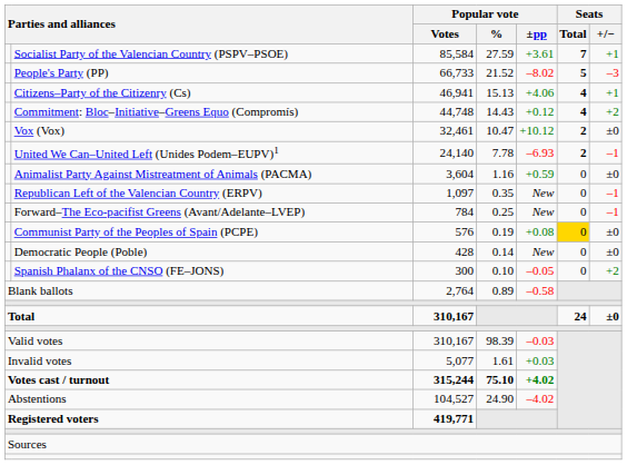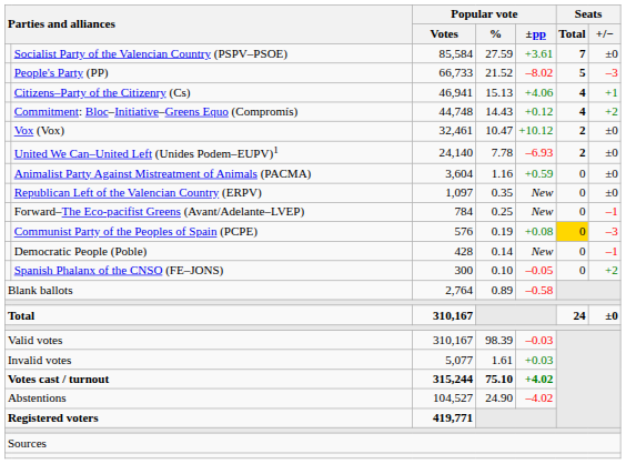 <table class="wikitable" style="text-align:right;">
 <tr>
 <th style="text-align:left;" rowspan="2" colspan="2" width="525">Parties and alliances</th>
 <th colspan="3">Popular vote</th>
 <th colspan="2">Seats</th>
 </tr>
 <tr>
 <th width="75">Votes</th>
 <th width="45">%</th>
 <th width="45">±<a href='#'>pp</a></th>
 <th width="35">Total</th>
 <th width="35">+/−</th>
 </tr>
 <tr>
 <td width="1" style="color:inherit;background:"></td>
 <td align="left"><a href='#'>Socialist Party of the Valencian Country</a> (PSPV–PSOE)</td>
 <td>85,584</td>
 <td>27.59</td>
 <td style="color:green;">+3.61</td>
 <td><strong>7</strong></td>
-<td style="color:green;">+1</td>
+<td>±0</td>
 </tr>
 <tr>
 <td style="color:inherit;background:"></td>
 <td align="left"><a href='#'>People's Party</a> (PP)</td>
 <td>66,733</td>
 <td>21.52</td>
 <td style="color:red;">–8.02</td>
 <td><strong>5</strong></td>
 <td style="color:red;">–3</td>
 </tr>
 <tr>
 <td style="color:inherit;background:"></td>
 <td align="left"><a href='#'>Citizens–Party of the Citizenry</a> (Cs)</td>
 <td>46,941</td>
 <td>15.13</td>
 <td style="color:green;">+4.06</td>
 <td><strong>4</strong></td>
 <td style="color:green;">+1</td>
 </tr>
 <tr>
 <td style="color:inherit;background:"></td>
 <td align="left"><a href='#'>Commitment</a>: <a href='#'>Bloc</a>–<a href='#'>Initiative</a>–<a href='#'>Greens Equo</a> (Compromís)</td>
 <td>44,748</td>
 <td>14.43</td>
 <td style="color:green;">+0.12</td>
 <td><strong>4</strong></td>
 <td style="color:green;">+2</td>
 </tr>
 <tr>
 <td style="color:inherit;background:"></td>
 <td align="left"><a href='#'>Vox</a> (Vox)</td>
 <td>32,461</td>
 <td>10.47</td>
 <td style="color:green;">+10.12</td>
 <td><strong>2</strong></td>
 <td>±0</td>
 </tr>
 <tr>
 <td style="color:inherit;background:"></td>
 <td align="left"><a href='#'>United We Can–United Left</a> (Unides Podem–EUPV)<sup>1</sup></td>
 <td>24,140</td>
 <td>7.78</td>
 <td style="color:red;">–6.93</td>
 <td><strong>2</strong></td>
-<td style="color:red;">–1</td>
+<td>±0</td>
 </tr>
 <tr>
 <td style="color:inherit;background:"></td>
 <td align="left"><a href='#'>Animalist Party Against Mistreatment of Animals</a> (PACMA)</td>
 <td>3,604</td>
 <td>1.16</td>
 <td style="color:green;">+0.59</td>
 <td>0</td>
 <td>±0</td>
 </tr>
 <tr>
 <td style="color:inherit;background:"></td>
 <td align="left"><a href='#'>Republican Left of the Valencian Country</a> (ERPV)</td>
 <td>1,097</td>
 <td>0.35</td>
 <td><em>New</em></td>
 <td>0</td>
-<td style="color:red;">–1</td>
+<td>±0</td>
 </tr>
 <tr>
 <td style="color:inherit;background:"></td>
 <td align="left">Forward–<a href='#'>The Eco-pacifist Greens</a> (Avant/Adelante–LVEP)</td>
 <td>784</td>
 <td>0.25</td>
 <td><em>New</em></td>
 <td>0</td>
 <td style="color:red;">–1</td>
 </tr>
 <tr>
 <td style="color:inherit;background:"></td>
 <td align="left"><a href='#'>Communist Party of the Peoples of Spain</a> (PCPE)</td>
 <td>576</td>
 <td>0.19</td>
 <td style="color:green;">+0.08</td>
 <td style="background: gold;">0</td>
-<td>±0</td>
+<td style="color:red;">–3</td>
 </tr>
 <tr>
 <td style="color:inherit;background:"></td>
 <td align="left">Democratic People (Poble)</td>
 <td>428</td>
 <td>0.14</td>
 <td><em>New</em></td>
 <td>0</td>
-<td>±0</td>
+<td style="color:red;">–1</td>
 </tr>
 <tr>
 <td style="color:inherit;background:"></td>
 <td align="left"><a href='#'>Spanish Phalanx of the CNSO</a> (FE–JONS)</td>
 <td>300</td>
 <td>0.10</td>
 <td style="color:red;">–0.05</td>
 <td>0</td>
 <td style="color:green;">+2</td>
 </tr>
 <tr>
 <td align="left" colspan="2">Blank ballots</td>
 <td>2,764</td>
 <td>0.89</td>
 <td style="color:red;">–0.58</td>
 <td bgcolor="#E9E9E9" colspan="2"></td>
 </tr>
 <tr>
 <td colspan="7" bgcolor="#E9E9E9"></td>
 </tr>
 <tr style="font-weight:bold;">
 <td align="left" colspan="2">Total</td>
 <td>310,167</td>
 <td bgcolor="#E9E9E9" colspan="2"></td>
 <td>24</td>
 <td>±0</td>
 </tr>
 <tr>
 <td colspan="7" bgcolor="#E9E9E9"></td>
 </tr>
 <tr>
 <td align="left" colspan="2">Valid votes</td>
 <td>310,167</td>
 <td>98.39</td>
 <td style="color:red;">–0.03</td>
 <td bgcolor="#E9E9E9" colspan="2" rowspan="5"></td>
 </tr>
 <tr>
 <td align="left" colspan="2">Invalid votes</td>
 <td>5,077</td>
 <td>1.61</td>
 <td style="color:green;">+0.03</td>
 </tr>
 <tr style="font-weight:bold;">
 <td align="left" colspan="2">Votes cast / turnout</td>
 <td>315,244</td>
 <td>75.10</td>
 <td style="color:green;">+4.02</td>
 </tr>
 <tr>
 <td align="left" colspan="2">Abstentions</td>
 <td>104,527</td>
 <td>24.90</td>
 <td style="color:red;">–4.02</td>
 </tr>
 <tr style="font-weight:bold;">
 <td align="left" colspan="2">Registered voters</td>
 <td>419,771</td>
 <td bgcolor="#E9E9E9" colspan="2"></td>
 </tr>
 <tr>
 <td colspan="7" bgcolor="#E9E9E9"></td>
 </tr>
 <tr>
 <td align="left" colspan="7">Sources</td>
 </tr>
 <tr>
 <td colspan="7" style="text-align:left; max-width:790px;"></td>
 </tr>
 </table>
